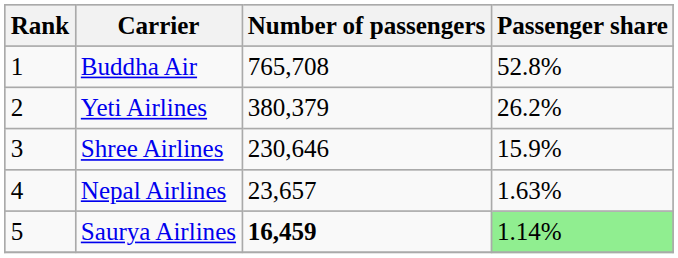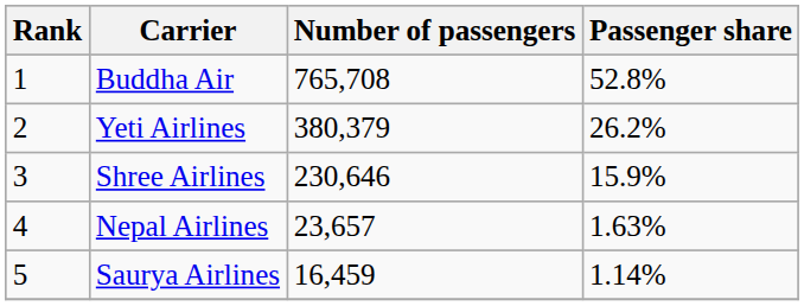 <table class="wikitable sortable" style="font-size: 95%">
 <tr>
 <th>Rank</th>
 <th>Carrier</th>
 <th>Number of passengers</th>
 <th>Passenger share</th>
 </tr>
 <tr>
 <td>1</td>
 <td><a href='#'>Buddha Air</a></td>
 <td>765,708</td>
 <td>52.8%</td>
 </tr>
 <tr>
 <td>2</td>
 <td><a href='#'>Yeti Airlines</a></td>
 <td>380,379</td>
 <td>26.2%</td>
 </tr>
 <tr>
 <td>3</td>
 <td><a href='#'>Shree Airlines</a></td>
 <td>230,646</td>
 <td>15.9%</td>
 </tr>
 <tr>
 <td>4</td>
 <td><a href='#'>Nepal Airlines</a></td>
 <td>23,657</td>
 <td>1.63%</td>
 </tr>
 <tr>
 <td>5</td>
 <td><a href='#'>Saurya Airlines</a></td>
-<td><strong>16,459</strong></td>
-<td style="background: lightgreen;">1.14%</td>
+<td>16,459</td>
+<td>1.14%</td>
 </tr>
 <tr>
 </tr>
 </table>
